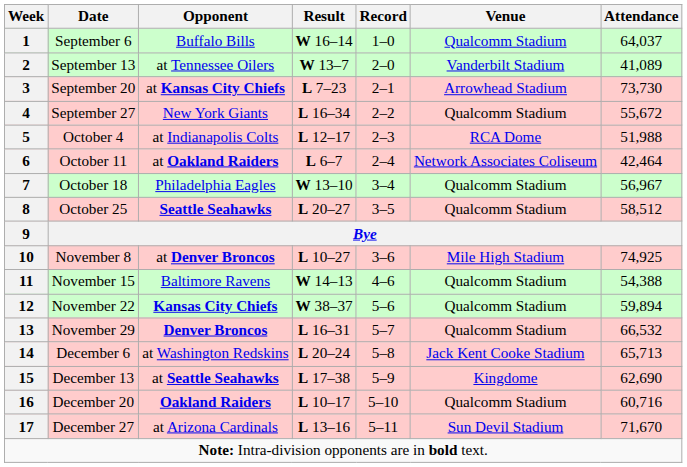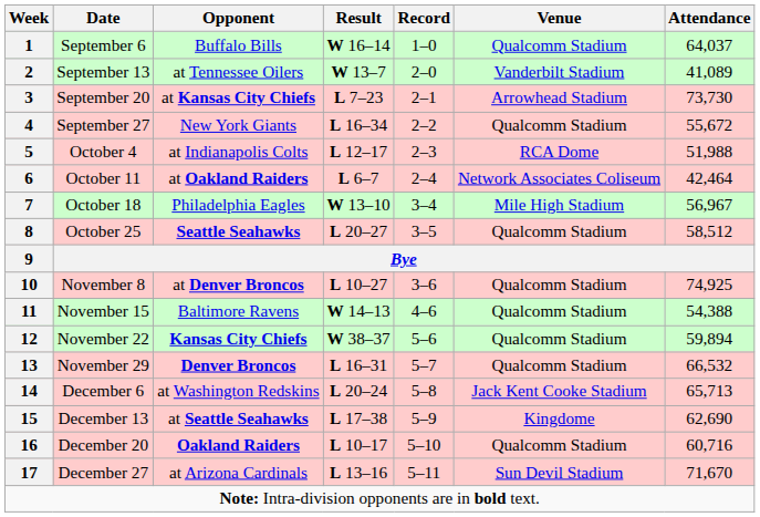 <table class="wikitable" style="text-align:center">
 <tr>
 <th>Week</th>
 <th>Date</th>
 <th>Opponent</th>
 <th>Result</th>
 <th>Record</th>
 <th>Venue</th>
 <th>Attendance</th>
 </tr>
 <tr style="background:#cfc">
 <th>1</th>
 <td>September 6</td>
 <td><a href='#'>Buffalo Bills</a></td>
 <td><strong>W</strong> 16–14</td>
 <td>1–0</td>
 <td><a href='#'>Qualcomm Stadium</a></td>
 <td>64,037</td>
 </tr>
 <tr style="background:#cfc">
 <th>2</th>
 <td>September 13</td>
 <td>at <a href='#'>Tennessee Oilers</a></td>
 <td><strong>W</strong> 13–7</td>
 <td>2–0</td>
 <td><a href='#'>Vanderbilt Stadium</a></td>
 <td>41,089</td>
 </tr>
 <tr style="background:#fcc">
 <th>3</th>
 <td>September 20</td>
 <td>at <strong><a href='#'>Kansas City Chiefs</a></strong></td>
 <td><strong>L</strong> 7–23</td>
 <td>2–1</td>
 <td><a href='#'>Arrowhead Stadium</a></td>
 <td>73,730</td>
 </tr>
 <tr style="background:#fcc">
 <th>4</th>
 <td>September 27</td>
 <td><a href='#'>New York Giants</a></td>
 <td><strong>L</strong> 16–34</td>
 <td>2–2</td>
 <td>Qualcomm Stadium</td>
 <td>55,672</td>
 </tr>
 <tr style="background:#fcc">
 <th>5</th>
 <td>October 4</td>
 <td>at <a href='#'>Indianapolis Colts</a></td>
 <td><strong>L</strong> 12–17</td>
 <td>2–3</td>
 <td><a href='#'>RCA Dome</a></td>
 <td>51,988</td>
 </tr>
 <tr style="background:#fcc">
 <th>6</th>
 <td>October 11</td>
 <td>at <strong><a href='#'>Oakland Raiders</a></strong></td>
 <td><strong>L</strong> 6–7</td>
 <td>2–4</td>
 <td><a href='#'>Network Associates Coliseum</a></td>
 <td>42,464</td>
 </tr>
 <tr style="background:#cfc">
 <th>7</th>
 <td>October 18</td>
 <td><a href='#'>Philadelphia Eagles</a></td>
 <td><strong>W</strong> 13–10</td>
 <td>3–4</td>
-<td>Qualcomm Stadium</td>
+<td><a href='#'>Mile High Stadium</a></td>
 <td>56,967</td>
 </tr>
 <tr style="background:#fcc">
 <th>8</th>
 <td>October 25</td>
 <td><strong><a href='#'>Seattle Seahawks</a></strong></td>
 <td><strong>L</strong> 20–27</td>
 <td>3–5</td>
 <td>Qualcomm Stadium</td>
 <td>58,512</td>
 </tr>
 <tr>
 <th>9</th>
 <th colspan="7"><em><a href='#'>Bye</a></em></th>
 </tr>
 <tr style="background:#fcc">
 <th>10</th>
 <td>November 8</td>
 <td>at <strong><a href='#'>Denver Broncos</a></strong></td>
 <td><strong>L</strong> 10–27</td>
 <td>3–6</td>
-<td><a href='#'>Mile High Stadium</a></td>
+<td>Qualcomm Stadium</td>
 <td>74,925</td>
 </tr>
 <tr style="background:#cfc">
 <th>11</th>
 <td>November 15</td>
 <td><a href='#'>Baltimore Ravens</a></td>
 <td><strong>W</strong> 14–13</td>
 <td>4–6</td>
 <td>Qualcomm Stadium</td>
 <td>54,388</td>
 </tr>
 <tr style="background:#cfc">
 <th>12</th>
 <td>November 22</td>
 <td><strong><a href='#'>Kansas City Chiefs</a></strong></td>
 <td><strong>W</strong> 38–37</td>
 <td>5–6</td>
 <td>Qualcomm Stadium</td>
 <td>59,894</td>
 </tr>
 <tr style="background:#fcc">
 <th>13</th>
 <td>November 29</td>
 <td><strong><a href='#'>Denver Broncos</a></strong></td>
 <td><strong>L</strong> 16–31</td>
 <td>5–7</td>
 <td>Qualcomm Stadium</td>
 <td>66,532</td>
 </tr>
 <tr style="background:#fcc">
 <th>14</th>
 <td>December 6</td>
 <td>at <a href='#'>Washington Redskins</a></td>
 <td><strong>L</strong> 20–24</td>
 <td>5–8</td>
 <td><a href='#'>Jack Kent Cooke Stadium</a></td>
 <td>65,713</td>
 </tr>
 <tr style="background:#fcc">
 <th>15</th>
 <td>December 13</td>
 <td>at <strong><a href='#'>Seattle Seahawks</a></strong></td>
 <td><strong>L</strong> 17–38</td>
 <td>5–9</td>
 <td><a href='#'>Kingdome</a></td>
 <td>62,690</td>
 </tr>
 <tr style="background:#fcc">
 <th>16</th>
 <td>December 20</td>
 <td><strong><a href='#'>Oakland Raiders</a></strong></td>
 <td><strong>L</strong> 10–17</td>
 <td>5–10</td>
 <td>Qualcomm Stadium</td>
 <td>60,716</td>
 </tr>
 <tr style="background:#fcc">
 <th>17</th>
 <td>December 27</td>
 <td>at <a href='#'>Arizona Cardinals</a></td>
 <td><strong>L</strong> 13–16</td>
 <td>5–11</td>
 <td><a href='#'>Sun Devil Stadium</a></td>
 <td>71,670</td>
 </tr>
 <tr>
 <td colspan="7"><strong>Note:</strong> Intra-division opponents are in <strong>bold</strong> text.</td>
 </tr>
 </table>
